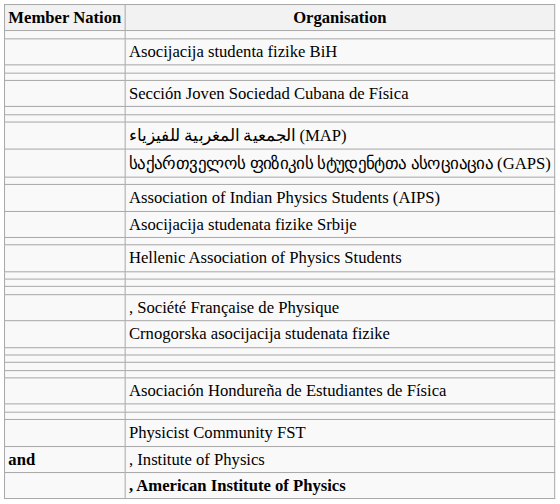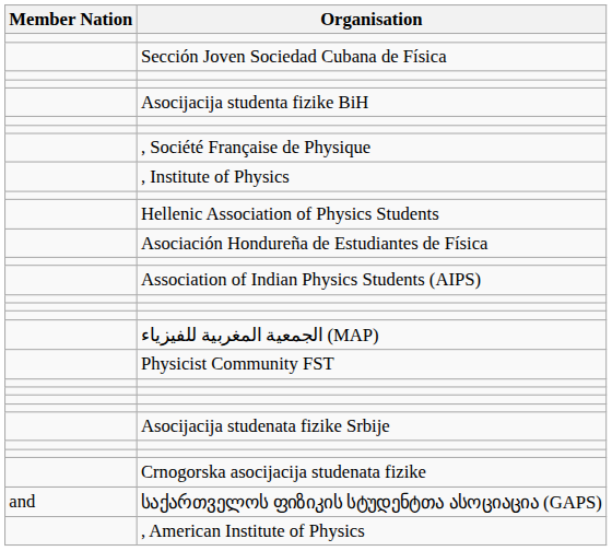 <table class="wikitable">
 <tr>
 <th>Member Nation</th>
 <th>Organisation</th>
+</tr>
+<tr>
+<td></td>
+<td></td>
+</tr>
+<tr>
+<td></td>
+<td>Sección Joven Sociedad Cubana de Física</td>
+</tr>
+<tr>
+<td></td>
+<td></td>
 </tr>
 <tr>
 <td></td>
 <td></td>
 </tr>
 <tr>
 <td></td>
 <td>Asocijacija studenta fizike BiH</td>
 </tr>
 <tr>
 <td></td>
 <td></td>
 </tr>
 <tr>
 <td></td>
 <td></td>
 </tr>
 <tr>
 <td></td>
-<td>Sección Joven Sociedad Cubana de Física</td>
+<td>, Société Française de Physique</td>
+</tr>
+<tr>
+<td></td>
+<td>, Institute of Physics</td>
+</tr>
+<tr>
+<td></td>
+<td></td>
+</tr>
+<tr>
+<td></td>
+<td>Hellenic Association of Physics Students</td>
+</tr>
+<tr>
+<td></td>
+<td>Asociación Hondureña de Estudiantes de Física</td>
+</tr>
+<tr>
+<td></td>
+<td></td>
+</tr>
+<tr>
+<td></td>
+<td>Association of Indian Physics Students (AIPS)</td>
+</tr>
+<tr>
+<td></td>
+<td></td>
 </tr>
 <tr>
 <td></td>
 <td></td>
 </tr>
 <tr>
 <td></td>
 <td></td>
 </tr>
 <tr>
 <td></td>
 <td>الجمعية المغربية للفيزياء (MAP)</td>
 </tr>
 <tr>
 <td></td>
-<td>საქართველოს ფიზიკის სტუდენტთა ასოციაცია (GAPS)</td>
-</tr>
-<tr>
-<td></td>
-<td></td>
-</tr>
-<tr>
-<td></td>
-<td>Association of Indian Physics Students (AIPS)</td>
-</tr>
-<tr>
-<td></td>
-<td>Asocijacija studenata fizike Srbije</td>
-</tr>
-<tr>
-<td></td>
-<td></td>
-</tr>
-<tr>
-<td></td>
-<td>Hellenic Association of Physics Students</td>
-</tr>
-<tr>
-<td></td>
-<td></td>
-</tr>
-<tr>
-<td></td>
-<td></td>
-</tr>
-<tr>
-<td></td>
-<td></td>
-</tr>
-<tr>
-<td></td>
-<td>, Société Française de Physique</td>
-</tr>
-<tr>
-<td></td>
-<td>Crnogorska asocijacija studenata fizike</td>
+<td>Physicist Community FST</td>
 </tr>
 <tr>
 <td></td>
 <td></td>
 </tr>
 <tr>
 <td></td>
 <td></td>
 </tr>
 <tr>
 <td></td>
 <td></td>
 </tr>
 <tr>
 <td></td>
 <td></td>
 </tr>
 <tr>
 <td></td>
-<td>Asociación Hondureña de Estudiantes de Física</td>
+<td>Asocijacija studenata fizike Srbije</td>
 </tr>
 <tr>
 <td></td>
 <td></td>
 </tr>
 <tr>
 <td></td>
 <td></td>
 </tr>
 <tr>
 <td></td>
-<td>Physicist Community FST</td>
+<td>Crnogorska asocijacija studenata fizike</td>
 </tr>
 <tr>
-<td><strong> and </strong></td>
-<td>, Institute of Physics</td>
+<td> and </td>
+<td>საქართველოს ფიზიკის სტუდენტთა ასოციაცია (GAPS)</td>
 </tr>
 <tr>
 <td></td>
-<td><strong>, American Institute of Physics</strong></td>
+<td>, American Institute of Physics</td>
 </tr>
 </table>
